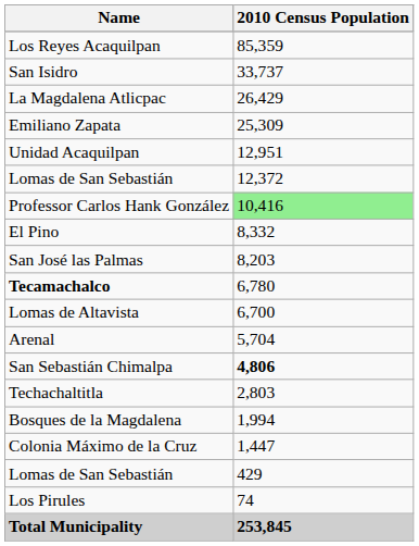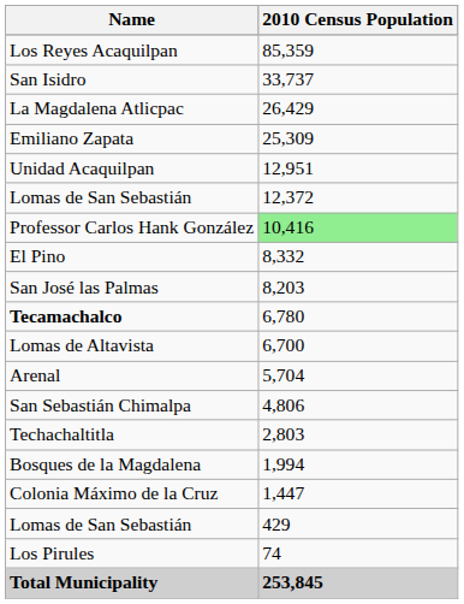 <table class="wikitable">
 <tr style="background:#000000; color:black;">
 <th><strong>Name</strong></th>
 <th><strong>2010 Census Population</strong></th>
 </tr>
 <tr>
 <td>Los Reyes Acaquilpan</td>
 <td>85,359</td>
 </tr>
 <tr>
 <td>San Isidro</td>
 <td>33,737</td>
 </tr>
 <tr>
 <td>La Magdalena Atlicpac</td>
 <td>26,429</td>
 </tr>
 <tr>
 <td>Emiliano Zapata</td>
 <td>25,309</td>
 </tr>
 <tr>
 <td>Unidad Acaquilpan</td>
 <td>12,951</td>
 </tr>
 <tr>
 <td>Lomas de San Sebastián</td>
 <td>12,372</td>
 </tr>
 <tr>
 <td>Professor Carlos Hank González</td>
 <td style="background: lightgreen;">10,416</td>
 </tr>
 <tr>
 <td>El Pino</td>
 <td>8,332</td>
 </tr>
 <tr>
 <td>San José las Palmas</td>
 <td>8,203</td>
 </tr>
 <tr>
 <td><strong>Tecamachalco</strong></td>
 <td>6,780</td>
 </tr>
 <tr>
 <td>Lomas de Altavista</td>
 <td>6,700</td>
 </tr>
 <tr>
 <td>Arenal</td>
 <td>5,704</td>
 </tr>
 <tr>
 <td>San Sebastián Chimalpa</td>
-<td><strong>4,806</strong></td>
+<td>4,806</td>
 </tr>
 <tr>
 <td>Techachaltitla</td>
 <td>2,803</td>
 </tr>
 <tr>
 <td>Bosques de la Magdalena</td>
 <td>1,994</td>
 </tr>
 <tr>
 <td>Colonia Máximo de la Cruz</td>
 <td>1,447</td>
 </tr>
 <tr>
 <td>Lomas de San Sebastián</td>
 <td>429</td>
 </tr>
 <tr>
 <td>Los Pirules</td>
 <td>74</td>
 </tr>
 <tr style="background:#CFCFCF;">
 <td><strong>Total Municipality</strong></td>
 <td><strong>253,845</strong></td>
 </tr>
 </table>
